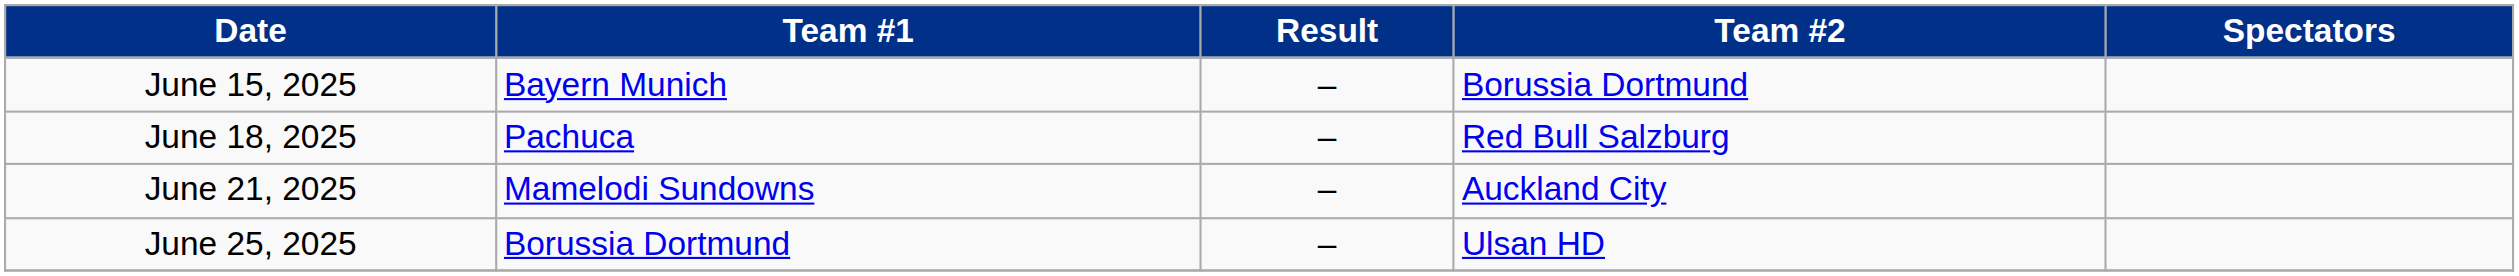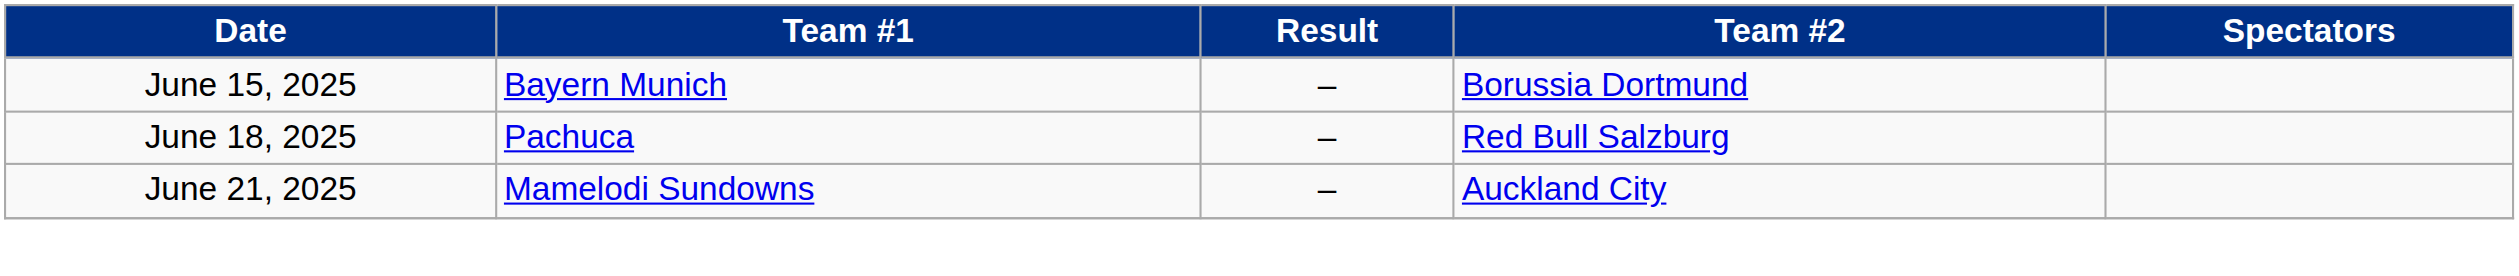 <table class="wikitable" style="text-align:left; width:95%;" style="text-align:center">
 <tr>
 <th style="text-align:center; background:#003087; color:#FFFFFF; ">Date</th>
 <th style="text-align:center; background:#003087; color:#FFFFFF; ">Team #1</th>
 <th style="text-align:center; background:#003087; color:#FFFFFF; ">Result</th>
 <th style="text-align:center; background:#003087; color:#FFFFFF; ">Team #2</th>
 <th style="text-align:center; background:#003087; color:#FFFFFF; ">Spectators</th>
 </tr>
 <tr>
 <td style="text-align:center;">June 15, 2025</td>
 <td><a href='#'>Bayern Munich</a> </td>
 <td style="text-align:center;">–</td>
 <td> <a href='#'>Borussia Dortmund</a></td>
 <td style="text-align:center;"></td>
 </tr>
 <tr>
 <td style="text-align:center;">June 18, 2025</td>
 <td><a href='#'>Pachuca</a> </td>
 <td style="text-align:center;">–</td>
 <td> <a href='#'>Red Bull Salzburg</a></td>
 <td style="text-align:center;"></td>
 </tr>
 <tr>
 <td style="text-align:center;">June 21, 2025</td>
 <td><a href='#'>Mamelodi Sundowns</a> </td>
 <td style="text-align:center;">–</td>
 <td> <a href='#'>Auckland City</a></td>
 <td style="text-align:center;"></td>
 </tr>
 <tr>
-<td style="text-align:center;">June 25, 2025</td>
-<td><a href='#'>Borussia Dortmund</a> </td>
-<td style="text-align:center;">–</td>
-<td> <a href='#'>Ulsan HD</a></td>
-<td style="text-align:center;"></td>
-</tr>
-<tr>
 </tr>
 </table>
